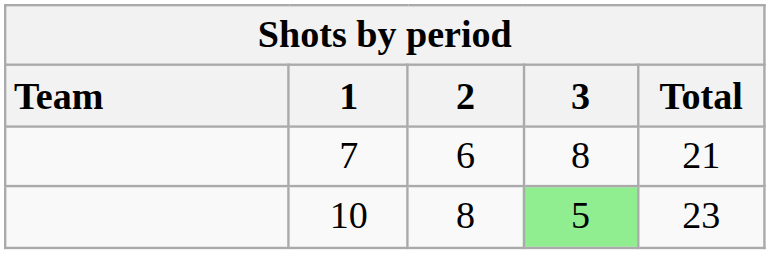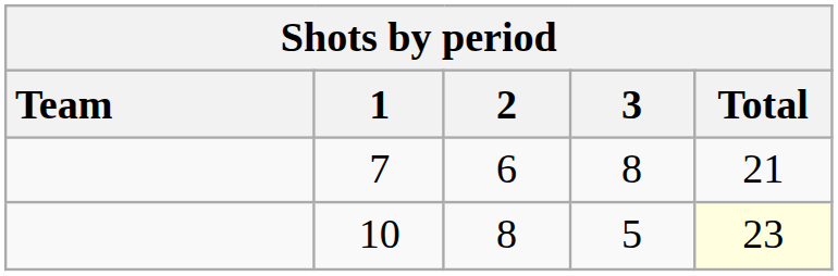 <table class="wikitable" style="width:20em; text-align:right;">
 <tr>
 <th colspan=6>Shots by period</th>
 </tr>
 <tr>
 <th style="width:8em; text-align:left;">Team</th>
 <th style="width:3em;">1</th>
 <th style="width:3em;">2</th>
 <th style="width:3em;">3</th>
 <th style="width:3em;">Total</th>
 </tr>
 <tr>
 <td style="text-align:left;"></td>
 <td align=center>7</td>
 <td align=center>6</td>
 <td align=center>8</td>
 <td align=center>21</td>
 </tr>
 <tr>
 <td style="text-align:left;"></td>
 <td align=center>10</td>
 <td align=center>8</td>
-<td align=center style="background: lightgreen;">5</td>
-<td align=center>23</td>
+<td align=center>5</td>
+<td align=center style="background: lightyellow;">23</td>
 </tr>
 </table>
